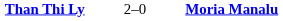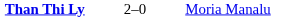 <table>
 <tr>
 <th width=400></th>
 <th width=100></th>
 <th width=400></th>
 </tr>
 <tr>
 <td align=right><strong><a href='#'>Than Thi Ly</a> </strong></td>
 <td align=center>2–0</td>
-<td><strong> <a href='#'>Moria Manalu</a></strong></td>
+<td> <a href='#'>Moria Manalu</a></td>
 </tr>
 </table>
